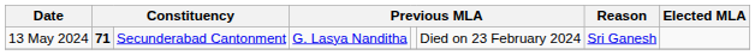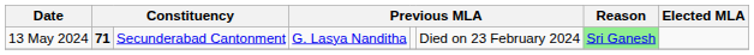 <table class="wikitable sortable" style="text-align:center;">
 <tr>
 <th>Date</th>
 <th colspan="2">Constituency</th>
 <th colspan="3">Previous MLA</th>
 <th>Reason</th>
 <th colspan="3">Elected MLA</th>
 </tr>
 <tr>
 <td rowspan="1">13 May 2024</td>
 <th>71</th>
 <td><a href='#'>Secunderabad Cantonment</a></td>
 <td><a href='#'>G. Lasya Nanditha</a></td>
 <td></td>
 <td>Died on 23 February 2024</td>
-<td><a href='#'>Sri Ganesh</a></td>
+<td style="background: lightgreen;"><a href='#'>Sri Ganesh</a></td>
 <td></td>
 </tr>
 <tr>
 </tr>
 </table>
